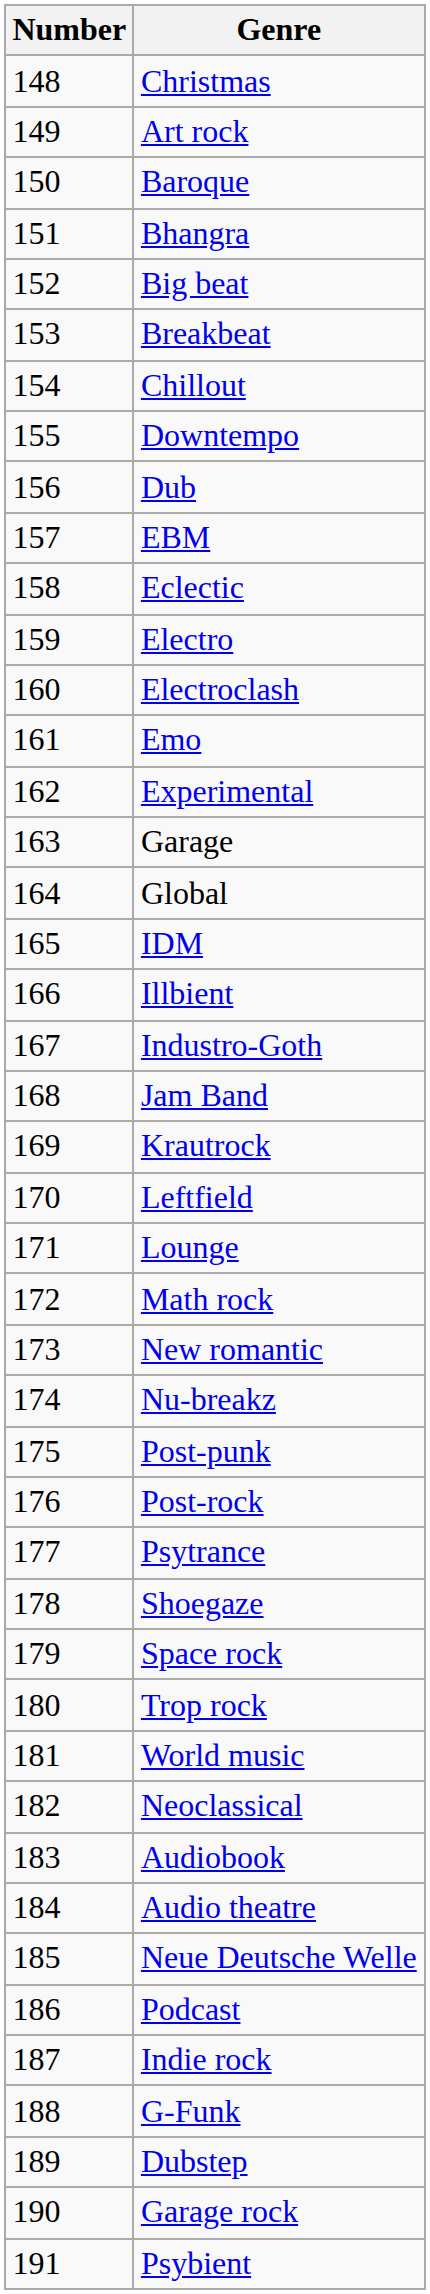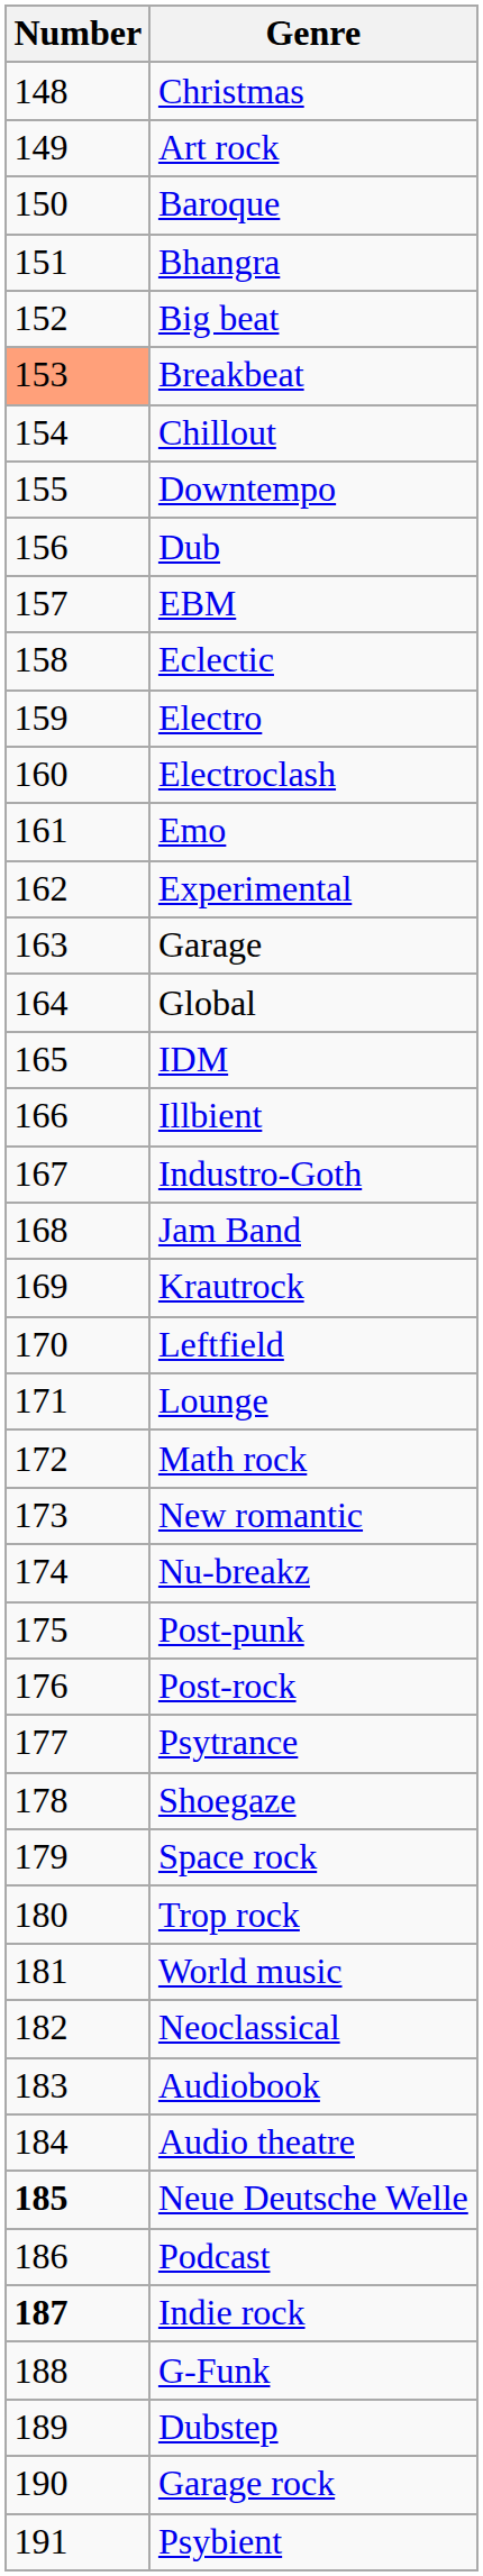 <table class="wikitable">
 <tr>
 <th>Number</th>
 <th>Genre</th>
 </tr>
 <tr>
 <td>148</td>
 <td><a href='#'>Christmas</a></td>
 </tr>
 <tr>
 <td>149</td>
 <td><a href='#'>Art rock</a></td>
 </tr>
 <tr>
 <td>150</td>
 <td><a href='#'>Baroque</a></td>
 </tr>
 <tr>
 <td>151</td>
 <td><a href='#'>Bhangra</a></td>
 </tr>
 <tr>
 <td>152</td>
 <td><a href='#'>Big beat</a></td>
 </tr>
 <tr>
-<td>153</td>
+<td style="background: lightsalmon;">153</td>
 <td><a href='#'>Breakbeat</a></td>
 </tr>
 <tr>
 <td>154</td>
 <td><a href='#'>Chillout</a></td>
 </tr>
 <tr>
 <td>155</td>
 <td><a href='#'>Downtempo</a></td>
 </tr>
 <tr>
 <td>156</td>
 <td><a href='#'>Dub</a></td>
 </tr>
 <tr>
 <td>157</td>
 <td><a href='#'>EBM</a></td>
 </tr>
 <tr>
 <td>158</td>
 <td><a href='#'>Eclectic</a></td>
 </tr>
 <tr>
 <td>159</td>
 <td><a href='#'>Electro</a></td>
 </tr>
 <tr>
 <td>160</td>
 <td><a href='#'>Electroclash</a></td>
 </tr>
 <tr>
 <td>161</td>
 <td><a href='#'>Emo</a></td>
 </tr>
 <tr>
 <td>162</td>
 <td><a href='#'>Experimental</a></td>
 </tr>
 <tr>
 <td>163</td>
 <td>Garage</td>
 </tr>
 <tr>
 <td>164</td>
 <td>Global</td>
 </tr>
 <tr>
 <td>165</td>
 <td><a href='#'>IDM</a></td>
 </tr>
 <tr>
 <td>166</td>
 <td><a href='#'>Illbient</a></td>
 </tr>
 <tr>
 <td>167</td>
 <td><a href='#'>Industro-Goth</a></td>
 </tr>
 <tr>
 <td>168</td>
 <td><a href='#'>Jam Band</a></td>
 </tr>
 <tr>
 <td>169</td>
 <td><a href='#'>Krautrock</a></td>
 </tr>
 <tr>
 <td>170</td>
 <td><a href='#'>Leftfield</a></td>
 </tr>
 <tr>
 <td>171</td>
 <td><a href='#'>Lounge</a></td>
 </tr>
 <tr>
 <td>172</td>
 <td><a href='#'>Math rock</a></td>
 </tr>
 <tr>
 <td>173</td>
 <td><a href='#'>New romantic</a></td>
 </tr>
 <tr>
 <td>174</td>
 <td><a href='#'>Nu-breakz</a></td>
 </tr>
 <tr>
 <td>175</td>
 <td><a href='#'>Post-punk</a></td>
 </tr>
 <tr>
 <td>176</td>
 <td><a href='#'>Post-rock</a></td>
 </tr>
 <tr>
 <td>177</td>
 <td><a href='#'>Psytrance</a></td>
 </tr>
 <tr>
 <td>178</td>
 <td><a href='#'>Shoegaze</a></td>
 </tr>
 <tr>
 <td>179</td>
 <td><a href='#'>Space rock</a></td>
 </tr>
 <tr>
 <td>180</td>
 <td><a href='#'>Trop rock</a></td>
 </tr>
 <tr>
 <td>181</td>
 <td><a href='#'>World music</a></td>
 </tr>
 <tr>
 <td>182</td>
 <td><a href='#'>Neoclassical</a></td>
 </tr>
 <tr>
 <td>183</td>
 <td><a href='#'>Audiobook</a></td>
 </tr>
 <tr>
 <td>184</td>
 <td><a href='#'>Audio theatre</a></td>
 </tr>
 <tr>
-<td>185</td>
+<td><strong>185</strong></td>
 <td><a href='#'>Neue Deutsche Welle</a></td>
 </tr>
 <tr>
 <td>186</td>
 <td><a href='#'>Podcast</a></td>
 </tr>
 <tr>
-<td>187</td>
+<td><strong>187</strong></td>
 <td><a href='#'>Indie rock</a></td>
 </tr>
 <tr>
 <td>188</td>
 <td><a href='#'>G-Funk</a></td>
 </tr>
 <tr>
 <td>189</td>
 <td><a href='#'>Dubstep</a></td>
 </tr>
 <tr>
 <td>190</td>
 <td><a href='#'>Garage rock</a></td>
 </tr>
 <tr>
 <td>191</td>
 <td><a href='#'>Psybient</a></td>
 </tr>
 </table>
